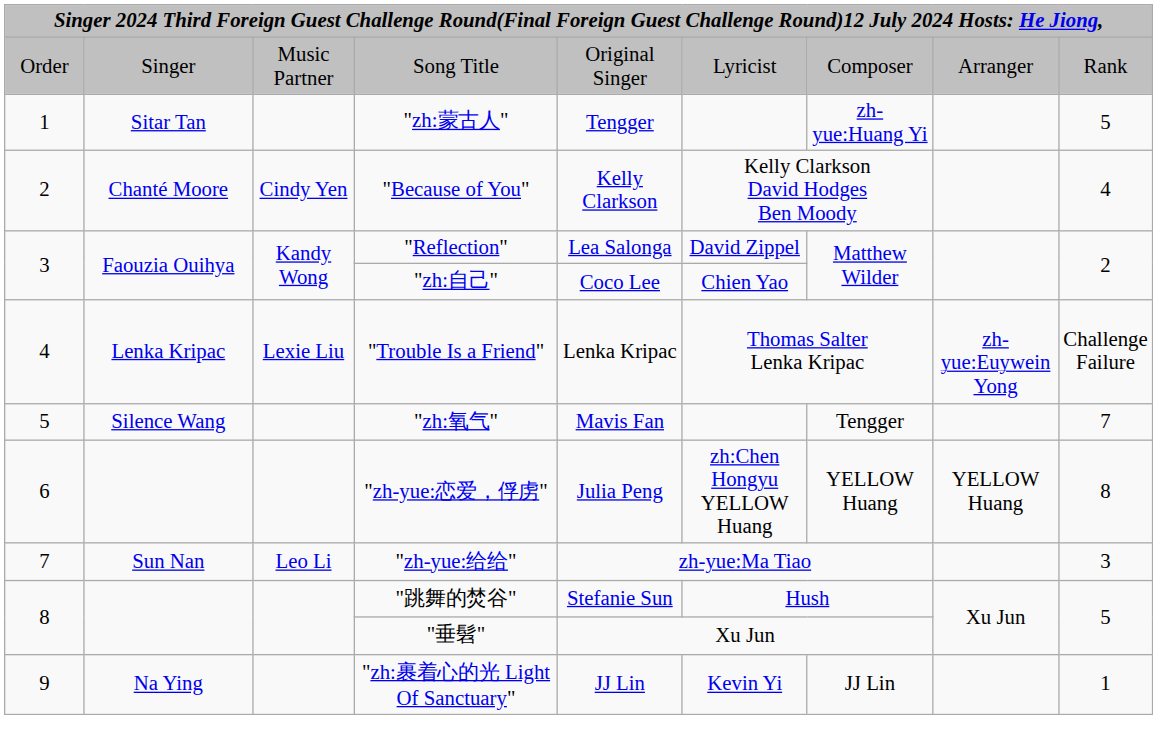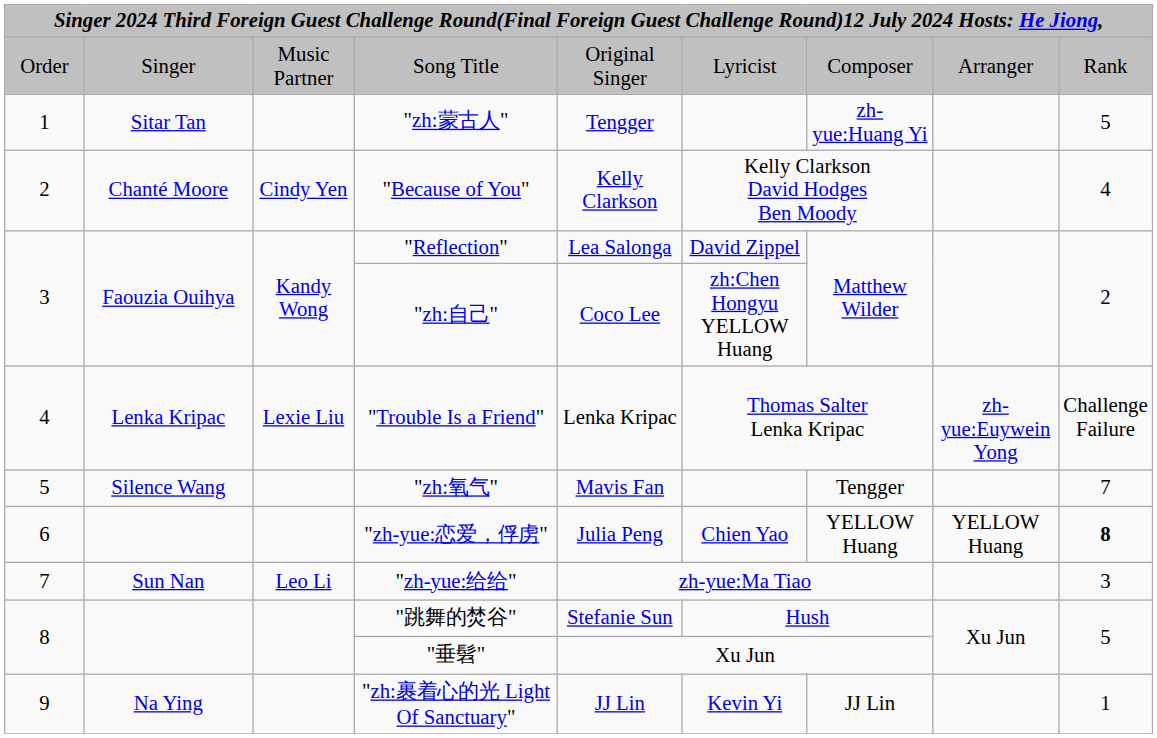 <table class="wikitable sortable mw-collapsible iamasinger-s09" width="100%" style="text-align:center">
 <tr align=center style="background:silver">
 <td colspan=9><div><strong><em>Singer<em> 2024 Third Foreign Guest Challenge Round(Final Foreign Guest Challenge Round)12 July 2024 Hosts: <a href='#'>He Jiong</a>, <strong></div></td>
 </tr>
 <tr style="background:silver">
 <td style="width:7%"></strong>Order<strong></td>
 <td style="width:15%"></strong>Singer<strong></td>
 <td style="width:9%"></strong>Music Partner<strong></td>
 <td style="width:18%"></strong>Song Title<strong></td>
 <td style="width:11%"></strong>Original Singer<strong></td>
 <td style="width:11%"></strong>Lyricist<strong></td>
 <td style="width:11%"></strong>Composer<strong></td>
 <td style="width:11%"></strong>Arranger<strong></td>
 <td style="width:7%"></strong>Rank<strong></td>
 </tr>
 <tr>
 <td>1</td>
 <td><a href='#'>Sitar Tan</a></td>
 <td></td>
 <td>"<a href='#'>zh:蒙古人</a>"</td>
 <td><a href='#'>Tengger</a></td>
 <td></td>
 <td><a href='#'>zh-yue:Huang Yi</a></td>
 <td></td>
 <td>5</td>
 </tr>
 <tr>
 <td>2</td>
 <td><a href='#'>Chanté Moore</a></td>
 <td><a href='#'>Cindy Yen</a></td>
 <td>"<a href='#'>Because of You</a>"</td>
 <td><a href='#'>Kelly Clarkson</a></td>
 <td colspan=2>Kelly Clarkson<br><a href='#'>David Hodges</a><br><a href='#'>Ben Moody</a></td>
 <td></td>
 <td>4</td>
 </tr>
 <tr>
 <td rowspan=2>3</td>
 <td rowspan=2><a href='#'>Faouzia Ouihya</a></td>
 <td rowspan=2><a href='#'>Kandy Wong</a></td>
 <td>"<a href='#'>Reflection</a>"</td>
 <td><a href='#'>Lea Salonga</a></td>
 <td><a href='#'>David Zippel</a></td>
 <td rowspan=2><a href='#'>Matthew Wilder</a></td>
 <td rowspan=2></td>
 <td rowspan=2>2</td>
 </tr>
 <tr>
 <td>"<a href='#'>zh:自己</a>"</td>
 <td><a href='#'>Coco Lee</a></td>
-<td><a href='#'>Chien Yao</a></td>
+<td><a href='#'>zh:Chen Hongyu</a> <br> YELLOW Huang</td>
 </tr>
 <tr>
 <td>4</td>
 <td><a href='#'>Lenka Kripac</a></td>
 <td><a href='#'>Lexie Liu</a></td>
 <td>"<a href='#'>Trouble Is a Friend</a>"</td>
 <td>Lenka Kripac</td>
 <td colspan=2><a href='#'>Thomas Salter</a><br>Lenka Kripac</td>
 <td><br><a href='#'>zh-yue:Euywein Yong</a><br></td>
 <td>Challenge Failure</td>
 </tr>
 <tr>
 <td>5</td>
 <td><a href='#'>Silence Wang</a></td>
 <td></td>
 <td>"<a href='#'>zh:氧气</a>"</td>
 <td><a href='#'>Mavis Fan</a></td>
 <td></td>
 <td>Tengger</td>
 <td></td>
 <td>7</td>
 </tr>
 <tr>
 <td>6</td>
 <td></td>
 <td></td>
 <td>"<a href='#'>zh-yue:恋爱，俘虏</a>"</td>
 <td><a href='#'>Julia Peng</a></td>
-<td><a href='#'>zh:Chen Hongyu</a> <br> YELLOW Huang</td>
+<td><a href='#'>Chien Yao</a></td>
 <td>YELLOW Huang</td>
 <td>YELLOW Huang <br></td>
-<td>8</td>
+<td><strong>8</strong></td>
 </tr>
 <tr>
 <td>7</td>
 <td><a href='#'>Sun Nan</a></td>
 <td><a href='#'>Leo Li</a></td>
 <td>"<a href='#'>zh-yue:给给</a>"</td>
 <td colspan=3><a href='#'>zh-yue:Ma Tiao</a></td>
 <td><br></td>
 <td>3</td>
 </tr>
 <tr>
 <td rowspan=2>8</td>
 <td rowspan=2></td>
 <td rowspan=2></td>
 <td>"跳舞的焚谷"</td>
 <td><a href='#'>Stefanie Sun</a></td>
 <td colspan=2><a href='#'>Hush</a></td>
 <td rowspan=2>Xu Jun</td>
 <td rowspan=2>5</td>
 </tr>
 <tr>
 <td>"垂髫"</td>
 <td colspan=3>Xu Jun</td>
 </tr>
 <tr>
 <td>9</td>
 <td><a href='#'>Na Ying</a></td>
 <td></td>
 <td>"<a href='#'>zh:裹着心的光 Light Of Sanctuary</a>"</td>
 <td><a href='#'>JJ Lin</a></td>
 <td><a href='#'>Kevin Yi</a></td>
 <td>JJ Lin</td>
 <td><br></td>
 <td>1</td>
 </tr>
 </table>
